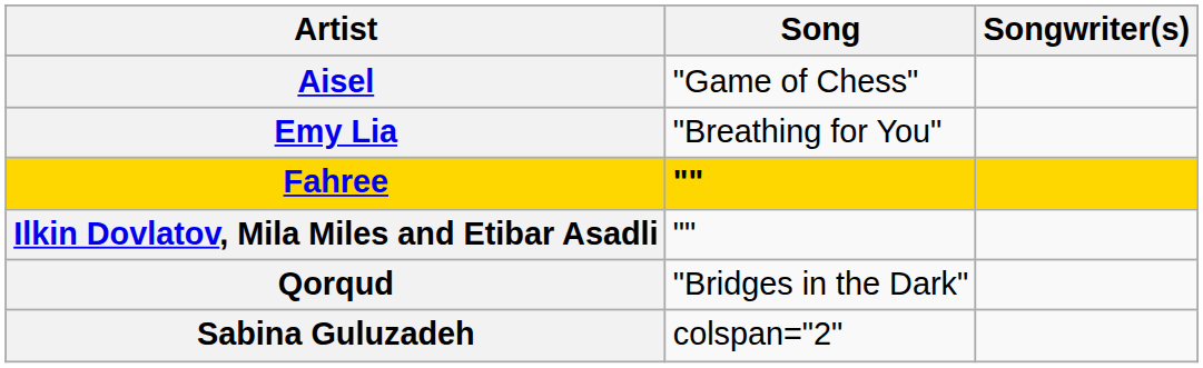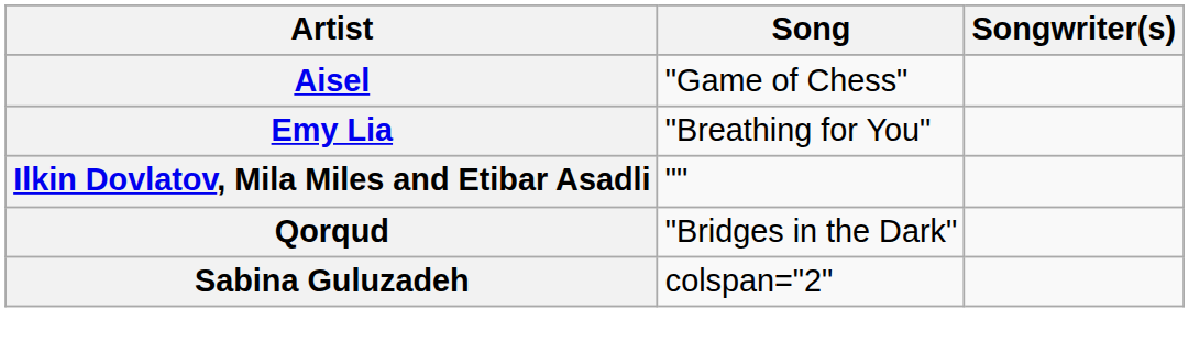 <table class="wikitable sortable plainrowheaders" style="margin: 1em auto 1em auto;">
 <tr>
 <th scope="col">Artist</th>
 <th scope="col">Song</th>
 <th scope="col" class="unsortable">Songwriter(s)</th>
 </tr>
 <tr>
 <th scope="row"><a href='#'>Aisel</a></th>
 <td>"Game of Chess"</td>
 <td></td>
 </tr>
 <tr>
 <th scope="row"><a href='#'>Emy Lia</a></th>
 <td>"Breathing for You"</td>
-<td></td>
-</tr>
-<tr style="font-weight:bold; background:gold;">
-<th scope="row" style="font-weight:bold; background:gold;"><a href='#'>Fahree</a></th>
-<td>""</td>
 <td></td>
 </tr>
 <tr>
 <th scope="row"><a href='#'>Ilkin Dovlatov</a>, Mila Miles and Etibar Asadli</th>
 <td>""</td>
 <td></td>
 </tr>
 <tr>
 <th scope="row">Qorqud</th>
 <td>"Bridges in the Dark"</td>
 <td></td>
 </tr>
 <tr>
 <th scope="row">Sabina Guluzadeh</th>
 <td>colspan="2" </td>
 </tr>
 </table>
